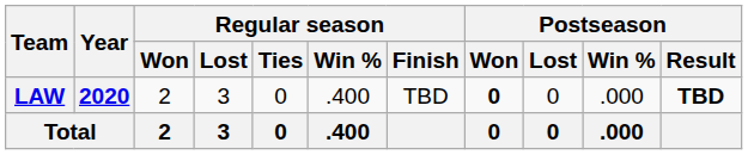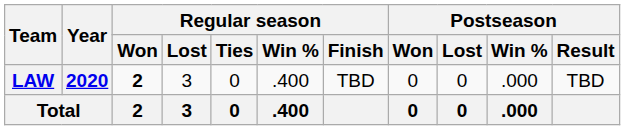 <table class="wikitable" style="font-size: 95%; text-align:center;">
 <tr>
 <th rowspan="2">Team</th>
 <th rowspan="2">Year</th>
 <th colspan="5">Regular season</th>
 <th colspan="4">Postseason</th>
 </tr>
 <tr>
 <th>Won</th>
 <th>Lost</th>
 <th>Ties</th>
 <th>Win %</th>
 <th>Finish</th>
 <th>Won</th>
 <th>Lost</th>
 <th>Win %</th>
 <th>Result</th>
 </tr>
 <tr>
 <th><a href='#'>LAW</a></th>
 <th><a href='#'>2020</a></th>
-<td>2</td>
+<td><strong>2</strong></td>
 <td>3</td>
 <td>0</td>
 <td>.400</td>
 <td>TBD</td>
-<td><strong>0</strong></td>
+<td>0</td>
 <td>0</td>
 <td>.000</td>
-<td><strong>TBD</strong></td>
+<td>TBD</td>
 </tr>
 <tr>
 <th colspan="2">Total</th>
 <th>2</th>
 <th>3</th>
 <th>0</th>
 <th>.400</th>
 <th></th>
 <th>0</th>
 <th>0</th>
 <th>.000</th>
 <th></th>
 </tr>
 </table>
